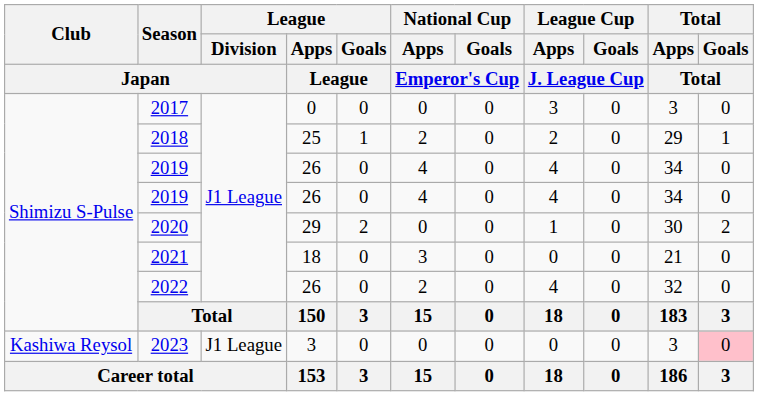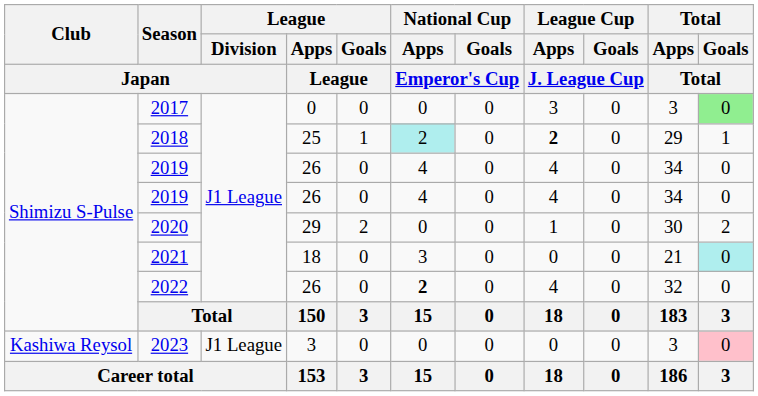 <table class="wikitable" style="text-align:center">
 <tr>
 <th rowspan=2>Club</th>
 <th rowspan=2>Season</th>
 <th colspan=3>League</th>
 <th colspan=2>National Cup</th>
 <th colspan=2>League Cup</th>
 <th colspan=2>Total</th>
 </tr>
 <tr>
 <th>Division</th>
 <th>Apps</th>
 <th>Goals</th>
 <th>Apps</th>
 <th>Goals</th>
 <th>Apps</th>
 <th>Goals</th>
 <th>Apps</th>
 <th>Goals</th>
 </tr>
 <tr>
 <th colspan=3>Japan</th>
 <th colspan=2>League</th>
 <th colspan=2><a href='#'>Emperor's Cup</a></th>
 <th colspan=2><a href='#'>J. League Cup</a></th>
 <th colspan=2>Total</th>
 </tr>
 <tr>
 <td rowspan="8"><a href='#'>Shimizu S-Pulse</a></td>
 <td><a href='#'>2017</a></td>
 <td rowspan="7"><a href='#'>J1 League</a></td>
 <td>0</td>
 <td>0</td>
 <td>0</td>
 <td>0</td>
 <td>3</td>
 <td>0</td>
 <td>3</td>
-<td>0</td>
+<td style="background: lightgreen;">0</td>
 </tr>
 <tr>
 <td><a href='#'>2018</a></td>
 <td>25</td>
 <td>1</td>
-<td>2</td>
+<td style="background: paleturquoise;">2</td>
 <td>0</td>
-<td>2</td>
+<td><strong>2</strong></td>
 <td>0</td>
 <td>29</td>
 <td>1</td>
 </tr>
 <tr>
 <td><a href='#'>2019</a></td>
 <td>26</td>
 <td>0</td>
 <td>4</td>
 <td>0</td>
 <td>4</td>
 <td>0</td>
 <td>34</td>
 <td>0</td>
 </tr>
 <tr>
 <td><a href='#'>2019</a></td>
 <td>26</td>
 <td>0</td>
 <td>4</td>
 <td>0</td>
 <td>4</td>
 <td>0</td>
 <td>34</td>
 <td>0</td>
 </tr>
 <tr>
 <td><a href='#'>2020</a></td>
 <td>29</td>
 <td>2</td>
 <td>0</td>
 <td>0</td>
 <td>1</td>
 <td>0</td>
 <td>30</td>
 <td>2</td>
 </tr>
 <tr>
 <td><a href='#'>2021</a></td>
 <td>18</td>
 <td>0</td>
 <td>3</td>
 <td>0</td>
 <td>0</td>
 <td>0</td>
 <td>21</td>
-<td>0</td>
+<td style="background: paleturquoise;">0</td>
 </tr>
 <tr>
 <td><a href='#'>2022</a></td>
 <td>26</td>
 <td>0</td>
-<td>2</td>
+<td><strong>2</strong></td>
 <td>0</td>
 <td>4</td>
 <td>0</td>
 <td>32</td>
 <td>0</td>
 </tr>
 <tr>
 <th colspan="2">Total</th>
 <th>150</th>
 <th>3</th>
 <th>15</th>
 <th>0</th>
 <th>18</th>
 <th>0</th>
 <th>183</th>
 <th>3</th>
 </tr>
 <tr>
 <td><a href='#'>Kashiwa Reysol</a></td>
 <td><a href='#'>2023</a></td>
 <td>J1 League</td>
 <td>3</td>
 <td>0</td>
 <td>0</td>
 <td>0</td>
 <td>0</td>
 <td>0</td>
 <td>3</td>
 <td style="background: pink;">0</td>
 </tr>
 <tr>
 <th colspan=3>Career total</th>
 <th>153</th>
 <th>3</th>
 <th>15</th>
 <th>0</th>
 <th>18</th>
 <th>0</th>
 <th>186</th>
 <th>3</th>
 </tr>
 </table>
